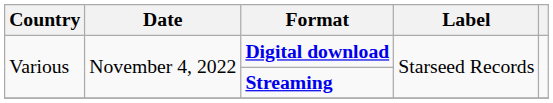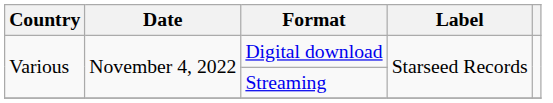 <table class="wikitable">
 <tr>
 <th>Country</th>
 <th>Date</th>
 <th>Format</th>
 <th>Label</th>
 <th></th>
 </tr>
 <tr>
 <td rowspan="2">Various</td>
 <td rowspan="2">November 4, 2022</td>
-<td><strong><a href='#'>Digital download</a></strong></td>
+<td><a href='#'>Digital download</a></td>
 <td rowspan="2">Starseed Records</td>
 <td rowspan="2"><br></td>
 </tr>
 <tr>
-<td><strong><a href='#'>Streaming</a></strong></td>
+<td><a href='#'>Streaming</a></td>
 </tr>
 <tr>
 </tr>
 </table>
